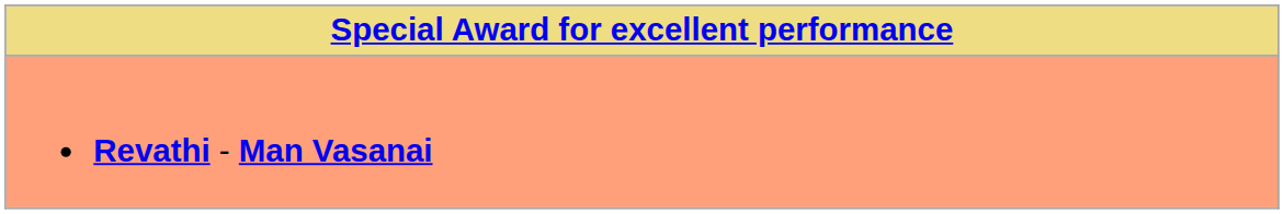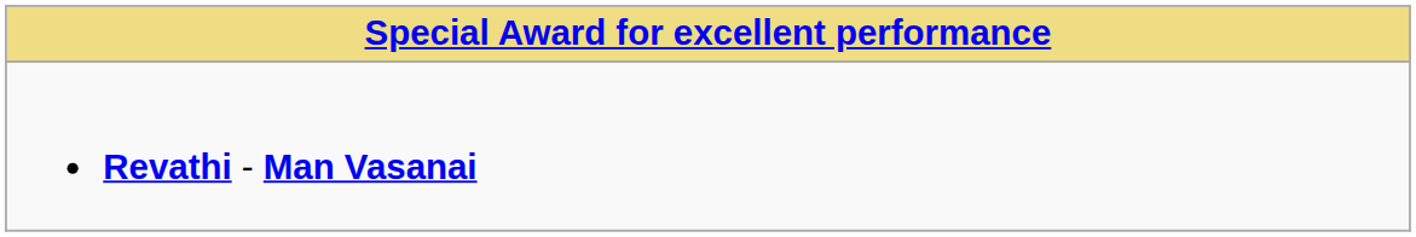 <table class="wikitable" width=50% |>
 <tr>
 <th !  style="background:#eedd82; text-align:center; width:50%;"><a href='#'>Special Award for excellent performance</a></th>
 </tr>
 <tr>
-<td valign="top" style="background: lightsalmon;"><br><ul><li><strong><a href='#'>Revathi</a></strong> - <strong><a href='#'>Man Vasanai</a></strong></li></ul></td>
+<td valign="top"><br><ul><li><strong><a href='#'>Revathi</a></strong> - <strong><a href='#'>Man Vasanai</a></strong></li></ul></td>
 </tr>
 </table>
